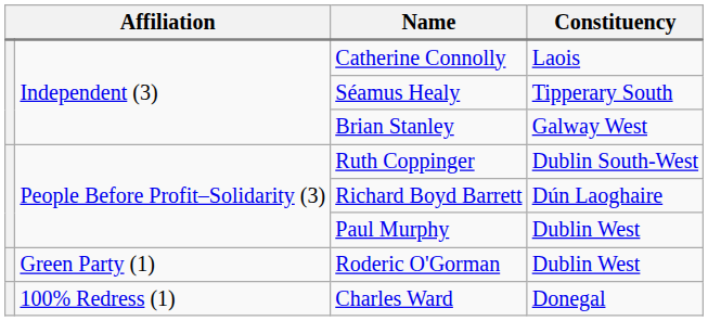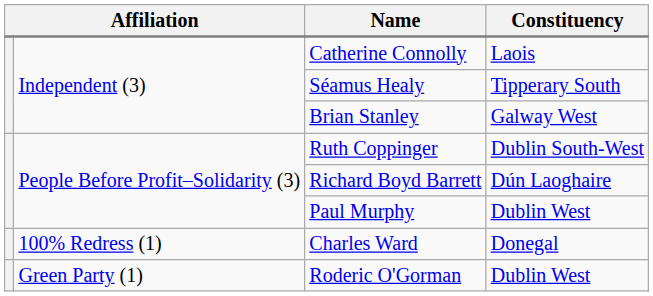 <table class="wikitable sortable">
 <tr style="border-bottom: 2px solid gray;">
 <th colspan=2>Affiliation</th>
 <th>Name</th>
 <th>Constituency</th>
 </tr>
 <tr>
 <th rowspan=3 style="background-color:"></th>
 <td rowspan=3><a href='#'>Independent</a> (3)</td>
 <td data-sort-value="Connolly, Catherine"><a href='#'>Catherine Connolly</a></td>
 <td><a href='#'>Laois</a></td>
 </tr>
 <tr>
 <td data-sort-value="Healy, Séamus"><a href='#'>Séamus Healy</a></td>
 <td><a href='#'>Tipperary South</a></td>
 </tr>
 <tr>
 <td data-sort-value="Stanley, Brian"><a href='#'>Brian Stanley</a></td>
 <td><a href='#'>Galway West</a></td>
 </tr>
 <tr>
 <th rowspan=3 style="background-color:"></th>
 <td rowspan=3><a href='#'>People Before Profit–Solidarity</a> (3)</td>
 <td data-sort-value="Coppinger, Ruth"><a href='#'>Ruth Coppinger</a></td>
 <td><a href='#'>Dublin South-West</a></td>
 </tr>
 <tr>
 <td data-sort-value="Boyd Barrett, Richard"><a href='#'>Richard Boyd Barrett</a></td>
 <td><a href='#'>Dún Laoghaire</a></td>
 </tr>
 <tr>
 <td data-sort-value="Murphy, Paul"><a href='#'>Paul Murphy</a></td>
 <td><a href='#'>Dublin West</a></td>
 </tr>
 <tr>
 <th style="background-color:"></th>
+<td><a href='#'>100% Redress</a> (1)</td>
+<td data-sort-value="Ward, Charles"><a href='#'>Charles Ward</a></td>
+<td><a href='#'>Donegal</a></td>
+</tr>
+<tr>
+<th style="background-color:"></th>
 <td><a href='#'>Green Party</a> (1)</td>
 <td data-sort-value="OGorman, Roderic"><a href='#'>Roderic O'Gorman</a></td>
 <td><a href='#'>Dublin West</a></td>
 </tr>
-<tr>
-<th style="background-color:"></th>
-<td><a href='#'>100% Redress</a> (1)</td>
-<td data-sort-value="Ward, Charles"><a href='#'>Charles Ward</a></td>
-<td><a href='#'>Donegal</a></td>
-</tr>
 </table>
